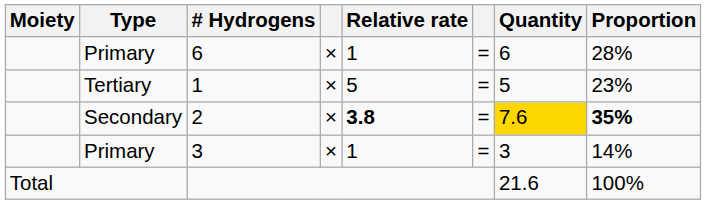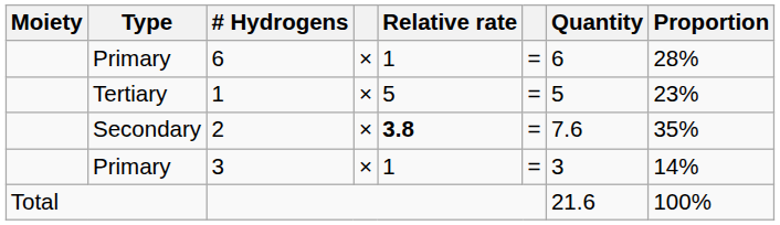 <table class=wikitable style="margin-left: auto; margin-right: auto; border: none;">
 <tr>
 <th>Moiety</th>
 <th>Type</th>
 <th># Hydrogens</th>
 <th></th>
 <th>Relative rate</th>
 <th></th>
 <th>Quantity</th>
 <th>Proportion</th>
 </tr>
 <tr>
 <td></td>
 <td>Primary</td>
 <td>6</td>
 <td>×</td>
 <td>1</td>
 <td>=</td>
 <td>6</td>
 <td>28%</td>
 </tr>
 <tr>
 <td></td>
 <td>Tertiary</td>
 <td>1</td>
 <td>×</td>
 <td>5</td>
 <td>=</td>
 <td>5</td>
 <td>23%</td>
 </tr>
 <tr>
 <td></td>
 <td>Secondary</td>
 <td>2</td>
 <td>×</td>
 <td><strong>3.8</strong></td>
 <td>=</td>
-<td style="background: gold;">7.6</td>
-<td><strong>35%</strong></td>
+<td>7.6</td>
+<td>35%</td>
 </tr>
 <tr>
 <td></td>
 <td>Primary</td>
 <td>3</td>
 <td>×</td>
 <td>1</td>
 <td>=</td>
 <td>3</td>
 <td>14%</td>
 </tr>
 <tr>
 <td colspan=2>Total</td>
 <td colspan=4></td>
 <td>21.6</td>
 <td>100%</td>
 </tr>
 </table>
